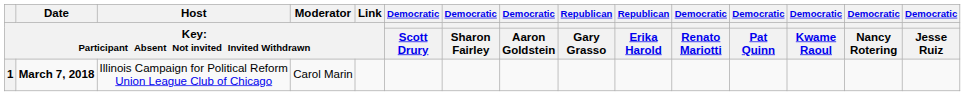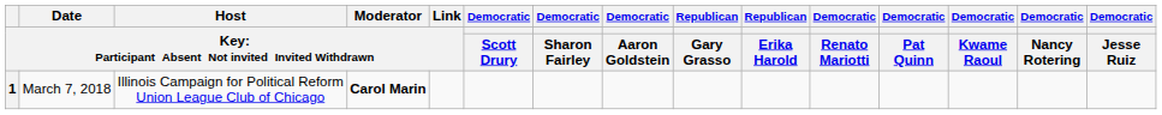 <table class="wikitable" style="text-align:center;">
 <tr>
 <th scope="col"></th>
 <th scope="col">Date</th>
 <th scope="col">Host</th>
 <th scope="col">Moderator</th>
 <th scope="col">Link</th>
 <th scope="col"><small><a href='#'>Democratic</a></small></th>
 <th scope="col"><small><a href='#'>Democratic</a></small></th>
 <th scope="col"><small><a href='#'>Democratic</a></small></th>
 <th scope="col"><small><a href='#'>Republican</a></small></th>
 <th scope="col"><small><a href='#'>Republican</a></small></th>
 <th scope="col"><small><a href='#'>Democratic</a></small></th>
 <th scope="col"><small><a href='#'>Democratic</a></small></th>
 <th scope="col"><small><a href='#'>Democratic</a></small></th>
 <th scope="col"><small><a href='#'>Democratic</a></small></th>
 <th scope="col"><small><a href='#'>Democratic</a></small></th>
 </tr>
 <tr>
 <th colspan="5" rowspan="2">Key:<br> <small>Participant </small>  <small>Absent </small>  <small>Not invited </small>  <small>Invited  Withdrawn</small></th>
 <th scope="col" style="background:"></th>
 <th scope="col" style="background:"></th>
 <th scope="col" style="background:"></th>
 <th scope="col" style="background:"></th>
 <th scope="col" style="background:"></th>
 <th scope="col" style="background:"></th>
 <th scope="col" style="background:"></th>
 <th scope="col" style="background:"></th>
 <th scope="col" style="background:"></th>
 <th scope="col" style="background:"></th>
 </tr>
 <tr>
 <th scope="col"><a href='#'>Scott Drury</a></th>
 <th scope="col">Sharon Fairley</th>
 <th scope="col">Aaron Goldstein</th>
 <th scope="col">Gary Grasso</th>
 <th scope="col"><a href='#'>Erika Harold</a></th>
 <th scope="col"><a href='#'>Renato Mariotti</a></th>
 <th scope="col"><a href='#'>Pat Quinn</a></th>
 <th scope="col"><a href='#'>Kwame Raoul</a></th>
 <th scope="col">Nancy Rotering</th>
 <th scope="col">Jesse Ruiz</th>
 </tr>
 <tr>
 <th>1</th>
-<td style="white-space:nowrap;"><strong>March 7, 2018</strong></td>
+<td style="white-space:nowrap;">March 7, 2018</td>
 <td style="white-space:nowrap;">Illinois Campaign for Political Reform<br><a href='#'>Union League Club of Chicago</a></td>
-<td style="white-space:nowrap;">Carol Marin</td>
+<td style="white-space:nowrap;"><strong>Carol Marin</strong></td>
 <td style="white-space:nowrap;"></td>
 <td></td>
 <td></td>
 <td></td>
 <td></td>
 <td></td>
 <td></td>
 <td></td>
 <td></td>
 <td></td>
 <td></td>
 </tr>
 </table>
